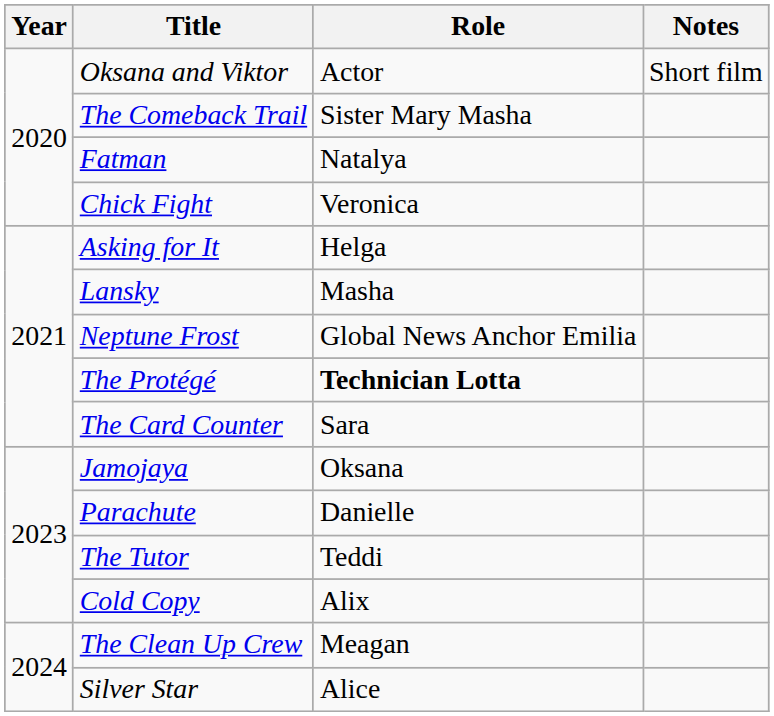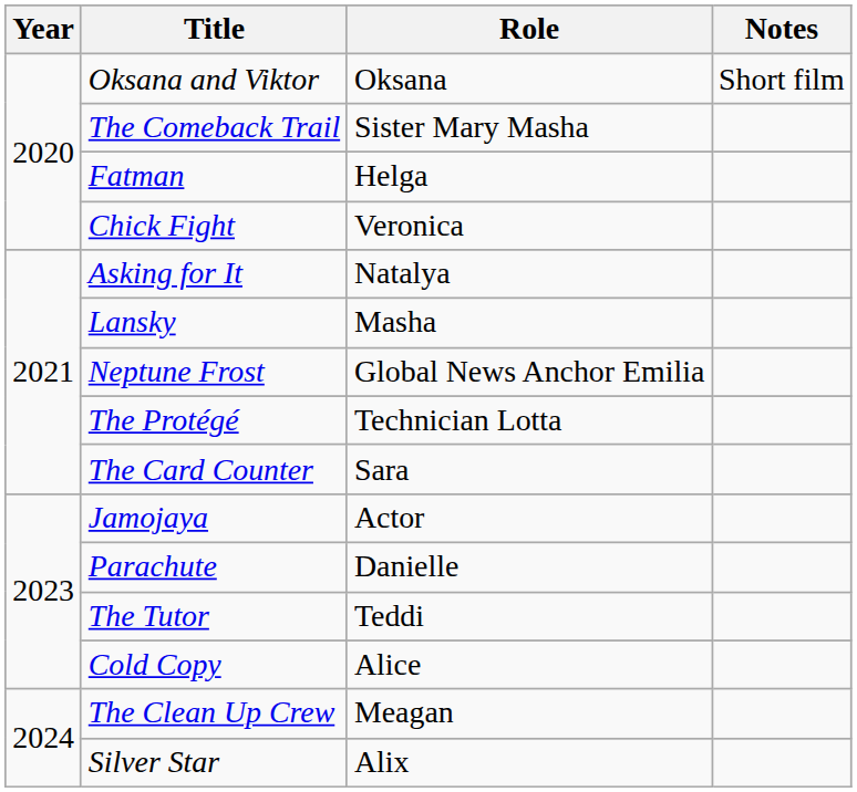 <table class="wikitable sortable">
 <tr>
 <th>Year</th>
 <th>Title</th>
 <th>Role</th>
 <th class="unsortable">Notes</th>
 </tr>
 <tr>
 <td rowspan="4">2020</td>
 <td><em>Oksana and Viktor</em></td>
-<td>Actor</td>
+<td>Oksana</td>
 <td>Short film</td>
 </tr>
 <tr>
 <td><em><a href='#'>The Comeback Trail</a></em></td>
 <td>Sister Mary Masha</td>
 <td></td>
 </tr>
 <tr>
 <td><em><a href='#'>Fatman</a></em></td>
-<td>Natalya</td>
+<td>Helga</td>
 <td></td>
 </tr>
 <tr>
 <td><em><a href='#'>Chick Fight</a></em></td>
 <td>Veronica</td>
 <td></td>
 </tr>
 <tr>
 <td rowspan="5">2021</td>
 <td><em><a href='#'>Asking for It</a></em></td>
-<td>Helga</td>
+<td>Natalya</td>
 <td></td>
 </tr>
 <tr>
 <td><em><a href='#'>Lansky</a></em></td>
 <td>Masha</td>
 <td></td>
 </tr>
 <tr>
 <td><em><a href='#'>Neptune Frost</a></em></td>
 <td>Global News Anchor Emilia</td>
 <td></td>
 </tr>
 <tr>
 <td><em><a href='#'>The Protégé</a></em></td>
-<td><strong>Technician Lotta</strong></td>
+<td>Technician Lotta</td>
 <td></td>
 </tr>
 <tr>
 <td><em><a href='#'>The Card Counter</a></em></td>
 <td>Sara</td>
 <td></td>
 </tr>
 <tr>
 <td rowspan="4">2023</td>
 <td><em><a href='#'>Jamojaya</a></em></td>
-<td>Oksana</td>
+<td>Actor</td>
 <td></td>
 </tr>
 <tr>
 <td><em><a href='#'>Parachute</a></em></td>
 <td>Danielle</td>
 <td></td>
 </tr>
 <tr>
 <td><em><a href='#'>The Tutor</a></em></td>
 <td>Teddi</td>
 <td></td>
 </tr>
 <tr>
 <td><em><a href='#'>Cold Copy</a></em></td>
-<td>Alix</td>
+<td>Alice</td>
 <td></td>
 </tr>
 <tr>
 <td rowspan="2">2024</td>
 <td><em><a href='#'>The Clean Up Crew</a></em></td>
 <td>Meagan</td>
 <td></td>
 </tr>
 <tr>
 <td><em>Silver Star</em></td>
-<td>Alice</td>
+<td>Alix</td>
 <td></td>
 </tr>
 </table>
